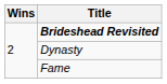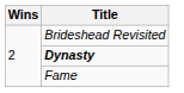 <table class="wikitable">
 <tr>
 <th>Wins</th>
 <th>Title</th>
 </tr>
 <tr>
 <td rowspan="3">2</td>
-<td><strong><em>Brideshead Revisited</em></strong></td>
+<td><em>Brideshead Revisited</em></td>
 </tr>
 <tr>
-<td><em>Dynasty</em></td>
+<td><strong><em>Dynasty</em></strong></td>
 </tr>
 <tr>
 <td><em>Fame</em></td>
 </tr>
 </table>
